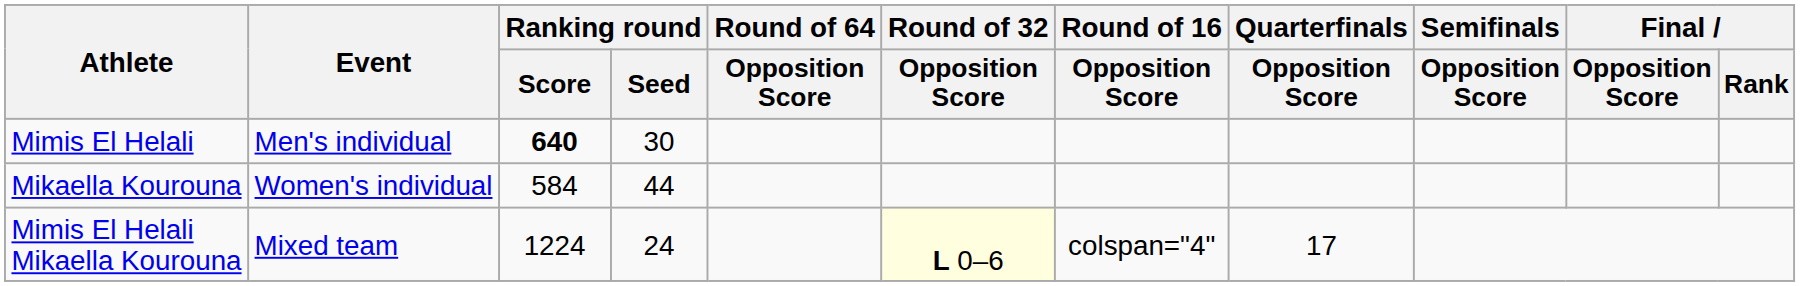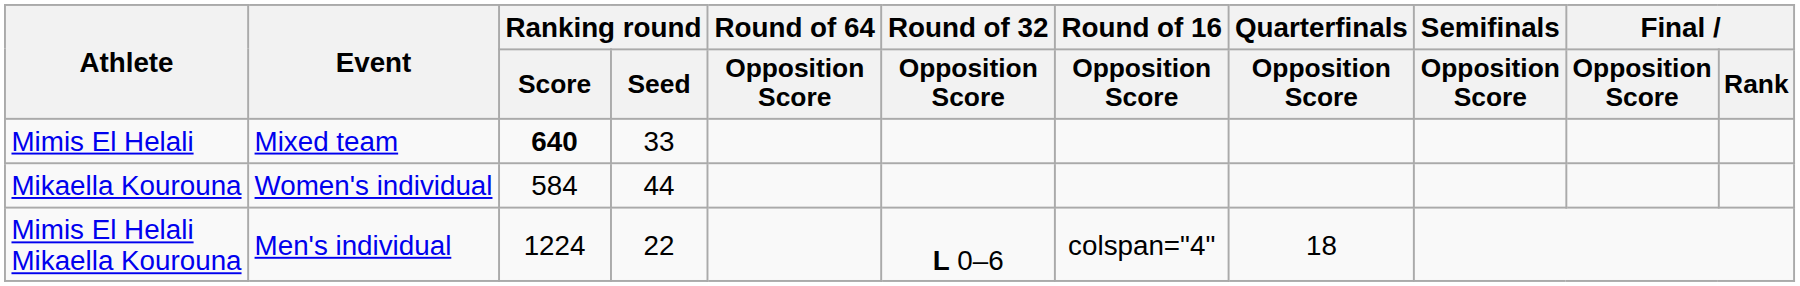 <table class="wikitable" style="text-align:center; font-size:90%">
 <tr>
 <th rowspan="2">Athlete</th>
 <th rowspan="2">Event</th>
 <th colspan="2">Ranking round</th>
 <th>Round of 64</th>
 <th>Round of 32</th>
 <th>Round of 16</th>
 <th>Quarterfinals</th>
 <th>Semifinals</th>
 <th colspan="2">Final / </th>
 </tr>
 <tr style="font-size:95%">
 <th>Score</th>
 <th>Seed</th>
 <th>Opposition<br>Score</th>
 <th>Opposition<br>Score</th>
 <th>Opposition<br>Score</th>
 <th>Opposition<br>Score</th>
 <th>Opposition<br>Score</th>
 <th>Opposition<br>Score</th>
 <th>Rank</th>
 </tr>
 <tr>
 <td align="left"><a href='#'>Mimis El Helali</a></td>
-<td align="left"><a href='#'>Men's individual</a></td>
+<td align="left"><a href='#'>Mixed team</a></td>
 <td><strong>640</strong></td>
-<td>30</td>
+<td>33</td>
 <td><br></td>
 <td></td>
 <td></td>
 <td></td>
 <td></td>
 <td></td>
 <td></td>
 </tr>
 <tr>
 <td align="left"><a href='#'>Mikaella Kourouna</a></td>
 <td align="left"><a href='#'>Women's individual</a></td>
 <td>584</td>
 <td>44</td>
 <td><br></td>
 <td></td>
 <td></td>
 <td></td>
 <td></td>
 <td></td>
 <td></td>
 </tr>
 <tr>
 <td align="left"><a href='#'>Mimis El Helali</a><br><a href='#'>Mikaella Kourouna</a></td>
-<td align="left"><a href='#'>Mixed team</a></td>
+<td align="left"><a href='#'>Men's individual</a></td>
 <td>1224</td>
-<td>24</td>
+<td>22</td>
 <td></td>
-<td style="background: lightyellow;"><br><strong>L</strong> 0–6</td>
+<td><br><strong>L</strong> 0–6</td>
 <td>colspan="4" </td>
-<td>17</td>
+<td>18</td>
 </tr>
 </table>
